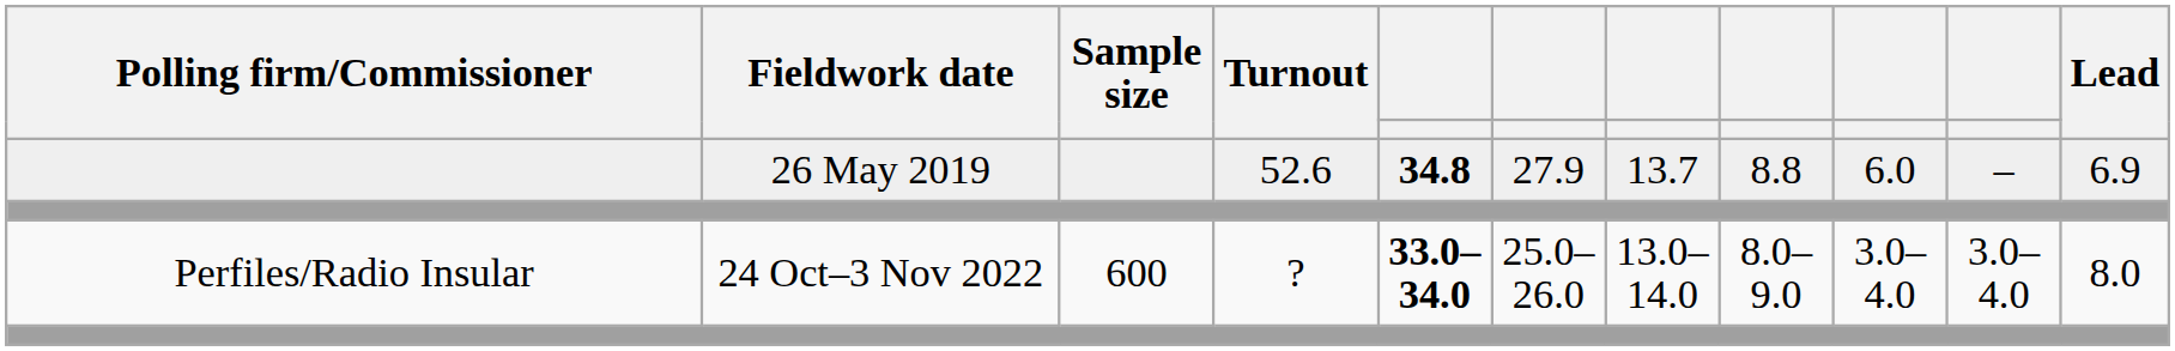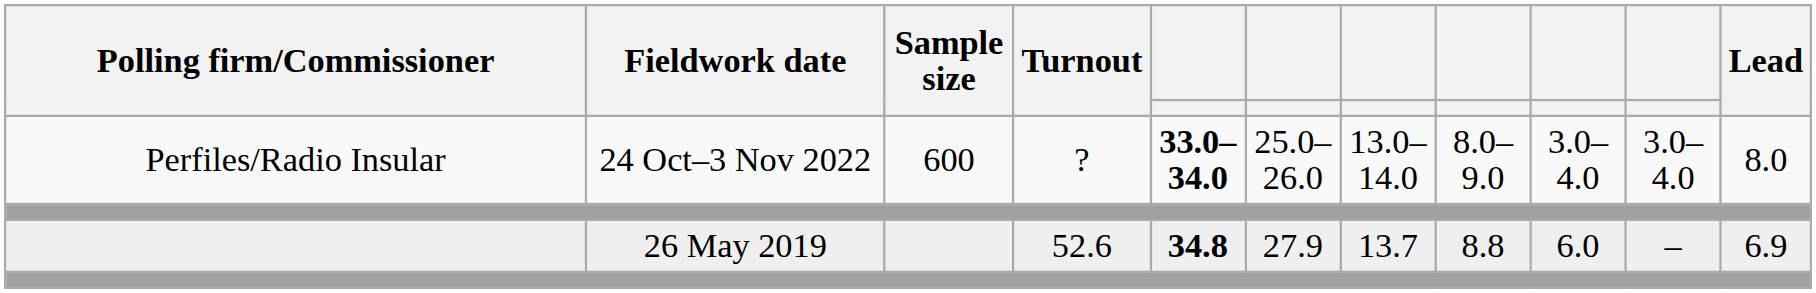 <table class="wikitable collapsible collapsed" style="text-align:center; font-size:95%; line-height:16px;">
 <tr style="height:42px;">
 <th style="width:250px;" rowspan="2">Polling firm/Commissioner</th>
 <th style="width:125px;" rowspan="2">Fieldwork date</th>
 <th style="width:50px;" rowspan="2">Sample size</th>
 <th style="width:45px;" rowspan="2">Turnout</th>
 <th style="width:35px;"></th>
 <th style="width:35px;"></th>
 <th style="width:35px;"></th>
 <th style="width:35px;"></th>
 <th style="width:35px;"></th>
 <th style="width:35px;"></th>
 <th style="width:30px;" rowspan="2">Lead</th>
 </tr>
 <tr>
 <th style="color:inherit;background:"></th>
 <th style="color:inherit;background:"></th>
 <th style="color:inherit;background:"></th>
 <th style="color:inherit;background:"></th>
 <th style="color:inherit;background:"></th>
 <th style="color:inherit;background:"></th>
 </tr>
+<tr>
+<td>Perfiles/Radio Insular</td>
+<td>24 Oct–3 Nov 2022</td>
+<td>600</td>
+<td>?</td>
+<td><strong>33.0–<br>34.0</strong><br></td>
+<td>25.0–<br>26.0<br></td>
+<td>13.0–<br>14.0<br></td>
+<td>8.0–<br>9.0<br></td>
+<td>3.0–<br>4.0<br></td>
+<td>3.0–<br>4.0<br></td>
+<td style="background:">8.0</td>
+</tr>
+<tr>
+<td colspan="11" style="background:#A0A0A0"></td>
+</tr>
 <tr style="background:#EFEFEF;">
 <td><strong></strong></td>
 <td>26 May 2019</td>
 <td></td>
 <td>52.6</td>
 <td><strong>34.8</strong><br></td>
 <td>27.9<br></td>
 <td>13.7<br></td>
 <td>8.8<br></td>
 <td>6.0<br></td>
 <td>–</td>
 <td style="background:">6.9</td>
 </tr>
 <tr>
 <td colspan="11" style="background:#A0A0A0"></td>
 </tr>
-<tr>
-<td>Perfiles/Radio Insular</td>
-<td>24 Oct–3 Nov 2022</td>
-<td>600</td>
-<td>?</td>
-<td><strong>33.0–<br>34.0</strong><br></td>
-<td>25.0–<br>26.0<br></td>
-<td>13.0–<br>14.0<br></td>
-<td>8.0–<br>9.0<br></td>
-<td>3.0–<br>4.0<br></td>
-<td>3.0–<br>4.0<br></td>
-<td style="background:">8.0</td>
-</tr>
-<tr>
-<td colspan="11" style="background:#A0A0A0"></td>
-</tr>
 </table>
